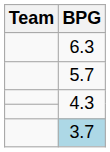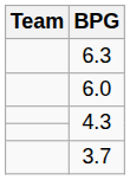 <table class=wikitable>
 <tr>
 <th>Team</th>
 <th>BPG</th>
 </tr>
 <tr>
 <td></td>
 <td align=center>6.3</td>
 </tr>
 <tr>
 <td></td>
-<td align=center>5.7</td>
+<td align=center>6.0</td>
 </tr>
 <tr>
 <td></td>
 <td align=center rowspan=2>4.3</td>
 </tr>
 <tr>
 <td></td>
 </tr>
 <tr>
 <td></td>
-<td align=center style="background: lightblue;">3.7</td>
+<td align=center>3.7</td>
 </tr>
 </table>
